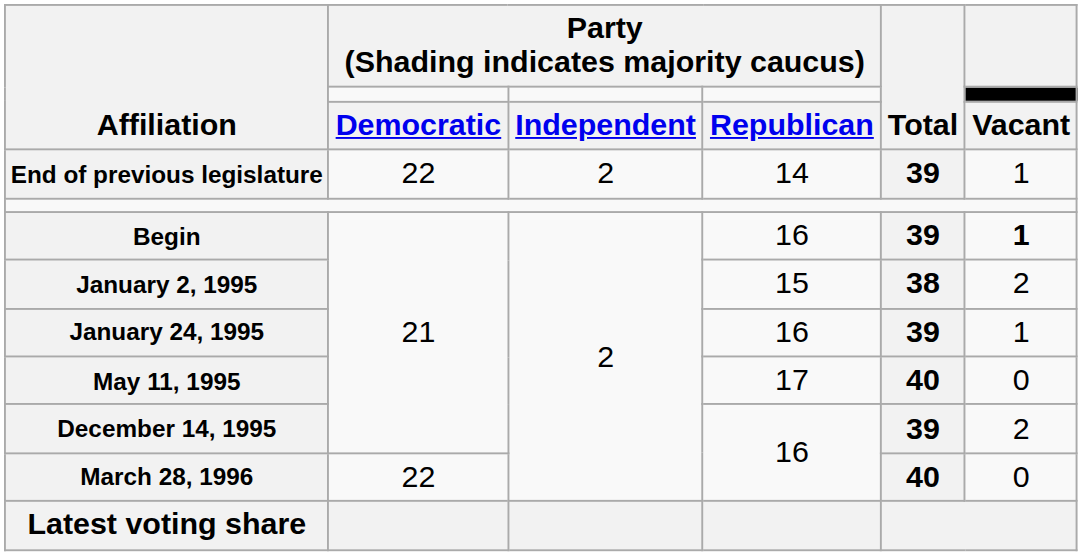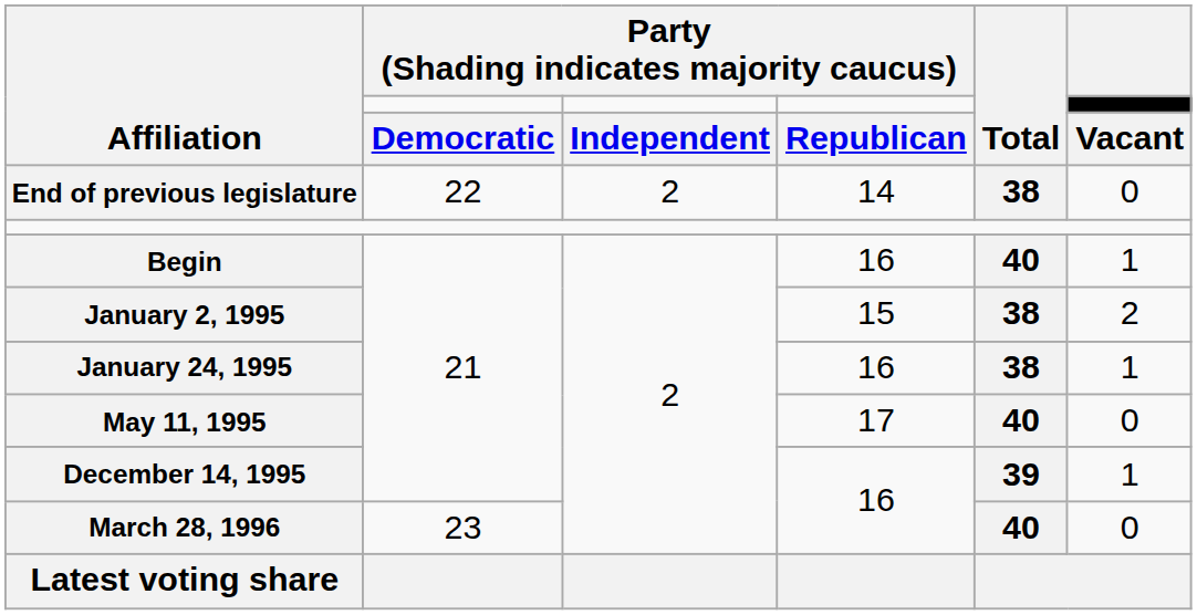 <table class="wikitable" style="text-align:center">
 <tr style="vertical-align:bottom;">
 <th scope="col" rowspan="3">Affiliation</th>
 <th scope="col" colspan="3">Party <div>(Shading indicates majority caucus)</div></th>
 <th scope="col" rowspan="3">Total</th>
 <th scope="col"></th>
 </tr>
 <tr style="height:5px">
 <td style="background-color:"></td>
 <td style="background-color:"></td>
 <td style="background-color:"></td>
 <td style="background:black"></td>
 </tr>
 <tr>
 <th><a href='#'>Democratic</a></th>
 <th><a href='#'>Independent</a></th>
 <th><a href='#'>Republican</a></th>
 <th>Vacant</th>
 </tr>
 <tr>
 <th scope="row" style="white-space:nowrap; font-size:80%">End of previous legislature</th>
 <td>22</td>
 <td>2</td>
 <td>14</td>
-<th>39</th>
-<td>1</td>
+<th>38</th>
+<td>0</td>
 </tr>
 <tr>
 <td scope="row" colspan="6"></td>
 </tr>
 <tr>
 <th scope="row" style="white-space:nowrap; font-size:80%">Begin</th>
 <td rowspan="5" >21</td>
 <td rowspan="6">2</td>
 <td>16</td>
-<th>39</th>
-<td><strong>1</strong></td>
+<th>40</th>
+<td>1</td>
 </tr>
 <tr>
 <th scope="row" style="white-space:nowrap; font-size:80%">January 2, 1995</th>
 <td>15</td>
 <th>38</th>
 <td>2</td>
 </tr>
 <tr>
 <th scope="row" style="white-space:nowrap; font-size:80%">January 24, 1995</th>
 <td>16</td>
-<th>39</th>
+<th>38</th>
 <td>1</td>
 </tr>
 <tr>
 <th scope="row" style="white-space:nowrap; font-size:80%">May 11, 1995</th>
 <td>17</td>
 <th>40</th>
 <td>0</td>
 </tr>
 <tr>
 <th scope="row" style="white-space:nowrap; font-size:80%">December 14, 1995</th>
 <td rowspan="2">16</td>
 <th>39</th>
-<td>2</td>
+<td>1</td>
 </tr>
 <tr>
 <th scope="row" style="white-space:nowrap; font-size:80%">March 28, 1996</th>
-<td>22</td>
+<td>23</td>
 <th>40</th>
 <td>0</td>
 </tr>
 <tr>
 <th scope="row">Latest voting share</th>
 <th></th>
 <th></th>
 <th></th>
 <th colspan=2></th>
 </tr>
 </table>
